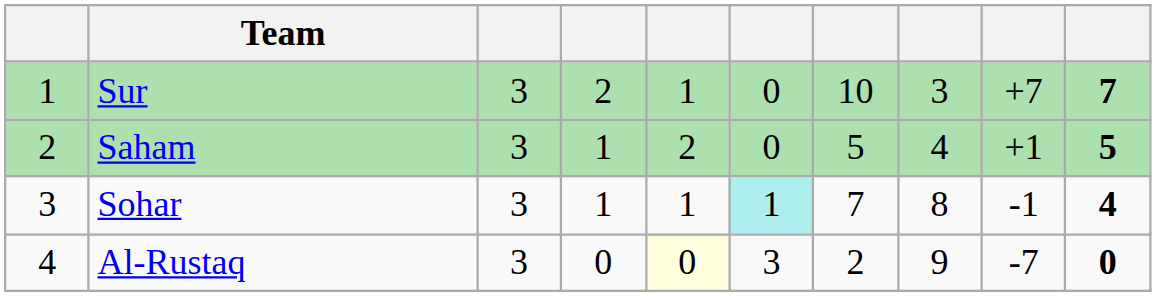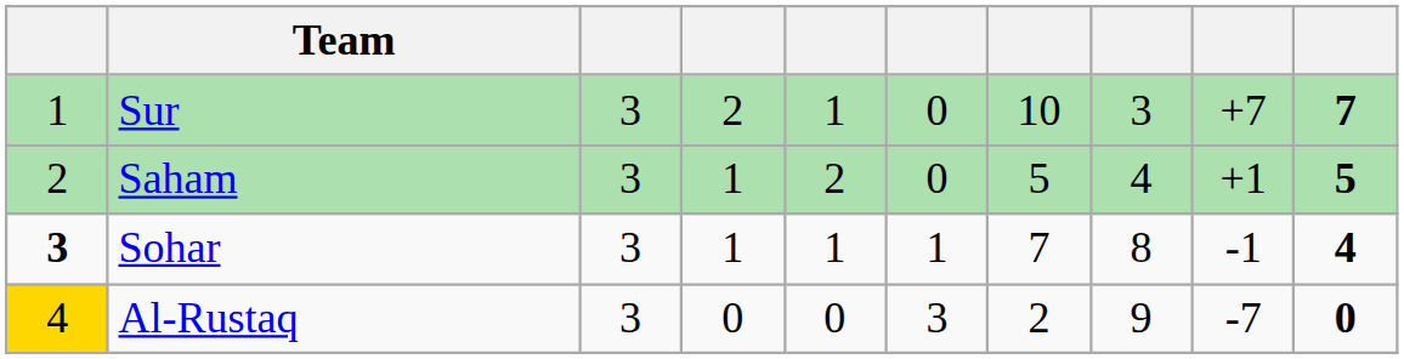 <table class="wikitable" style="text-align: center;">
 <tr>
 <th width=30></th>
 <th width=165>Team</th>
 <th width=30></th>
 <th width=30></th>
 <th width=30></th>
 <th width=30></th>
 <th width=30></th>
 <th width=30></th>
 <th width=30></th>
 <th width=30></th>
 </tr>
 <tr bgcolor=#ACE1AF>
 <td>1</td>
 <td align=left><a href='#'>Sur</a></td>
 <td>3</td>
 <td>2</td>
 <td>1</td>
 <td>0</td>
 <td>10</td>
 <td>3</td>
 <td>+7</td>
 <td><strong>7</strong></td>
 </tr>
 <tr bgcolor=#ACE1AF>
 <td>2</td>
 <td align=left><a href='#'>Saham</a></td>
 <td>3</td>
 <td>1</td>
 <td>2</td>
 <td>0</td>
 <td>5</td>
 <td>4</td>
 <td>+1</td>
 <td><strong>5</strong></td>
 </tr>
 <tr>
-<td>3</td>
+<td><strong>3</strong></td>
 <td align=left><a href='#'>Sohar</a></td>
 <td>3</td>
 <td>1</td>
 <td>1</td>
-<td style="background: paleturquoise;">1</td>
+<td>1</td>
 <td>7</td>
 <td>8</td>
 <td>-1</td>
 <td><strong>4</strong></td>
 </tr>
 <tr>
-<td>4</td>
+<td style="background: gold;">4</td>
 <td align=left><a href='#'>Al-Rustaq</a></td>
 <td>3</td>
 <td>0</td>
-<td style="background: lightyellow;">0</td>
+<td>0</td>
 <td>3</td>
 <td>2</td>
 <td>9</td>
 <td>-7</td>
 <td><strong>0</strong></td>
 </tr>
 </table>
